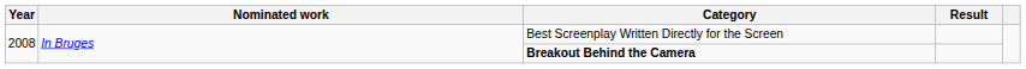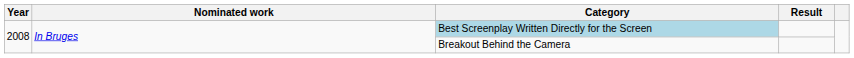 <table class="wikitable">
 <tr>
 <th scope="col" style="width:1em;">Year</th>
 <th scope="col" style="width:39em;">Nominated work</th>
 <th scope="col" style="width:33em;">Category</th>
 <th scope="col" style="width:5em;">Result</th>
 <th scope="col" style="width:1em;"></th>
 </tr>
 <tr>
 <td rowspan="2">2008</td>
 <td rowspan="2"><em><a href='#'>In Bruges</a></em></td>
-<td>Best Screenplay Written Directly for the Screen</td>
+<td style="background: lightblue;">Best Screenplay Written Directly for the Screen</td>
 <td></td>
 <td rowspan="2" style="text-align:center;"></td>
 </tr>
 <tr>
-<td><strong>Breakout Behind the Camera</strong></td>
+<td>Breakout Behind the Camera</td>
 <td></td>
 </tr>
 </table>
